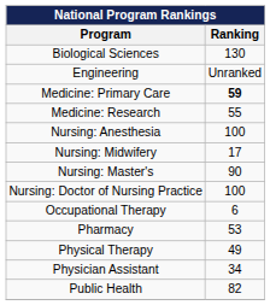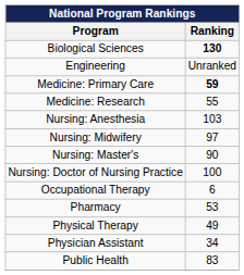 <table class="wikitable sortable collapsible collapsed" style="float:right; clear:right; text-align:center">
 <tr>
 <th colspan=4 style="background:#152456; color:#ffffff; ">National Program Rankings</th>
 </tr>
 <tr>
 <th>Program</th>
 <th>Ranking</th>
 </tr>
 <tr>
 <td>Biological Sciences</td>
-<td>130</td>
+<td><strong>130</strong></td>
 </tr>
 <tr>
 <td>Engineering</td>
 <td>Unranked</td>
 </tr>
 <tr>
 <td>Medicine: Primary Care</td>
 <td><strong>59</strong></td>
 </tr>
 <tr>
 <td>Medicine: Research</td>
 <td>55</td>
 </tr>
 <tr>
 <td>Nursing: Anesthesia</td>
-<td>100</td>
+<td>103</td>
 </tr>
 <tr>
 <td>Nursing: Midwifery</td>
-<td>17</td>
+<td>97</td>
 </tr>
 <tr>
 <td>Nursing: Master's</td>
 <td>90</td>
 </tr>
 <tr>
 <td>Nursing: Doctor of Nursing Practice</td>
 <td>100</td>
 </tr>
 <tr>
 <td>Occupational Therapy</td>
 <td>6</td>
 </tr>
 <tr>
 <td>Pharmacy</td>
 <td>53</td>
 </tr>
 <tr>
 <td>Physical Therapy</td>
 <td>49</td>
 </tr>
 <tr>
 <td>Physician Assistant</td>
 <td>34</td>
 </tr>
 <tr>
 <td>Public Health</td>
-<td>82</td>
+<td>83</td>
 </tr>
 <tr>
 </tr>
 </table>
